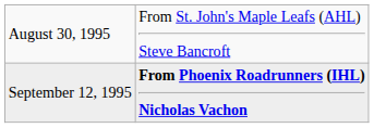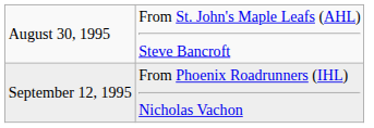 <table class="wikitable">
 <tr>
 <td>August 30, 1995</td>
 <td valign="top">From <a href='#'>St. John's Maple Leafs</a> (<a href='#'>AHL</a>)<hr><a href='#'>Steve Bancroft</a></td>
 </tr>
 <tr style="background:#eee;">
 <td>September 12, 1995</td>
-<td valign="top"><strong>From <a href='#'>Phoenix Roadrunners</a> (<a href='#'>IHL</a>)<hr><a href='#'>Nicholas Vachon</a></strong></td>
+<td valign="top">From <a href='#'>Phoenix Roadrunners</a> (<a href='#'>IHL</a>)<hr><a href='#'>Nicholas Vachon</a></td>
 </tr>
 </table>
